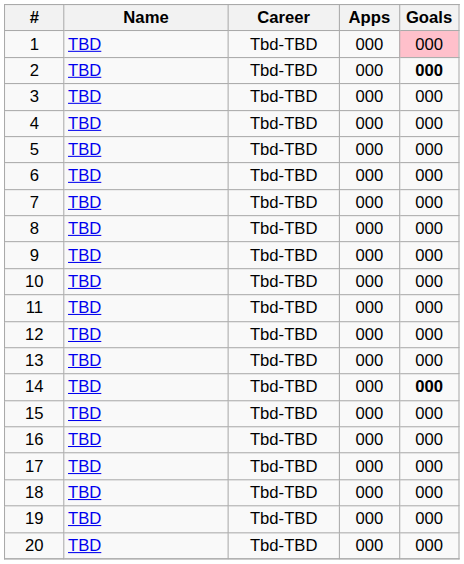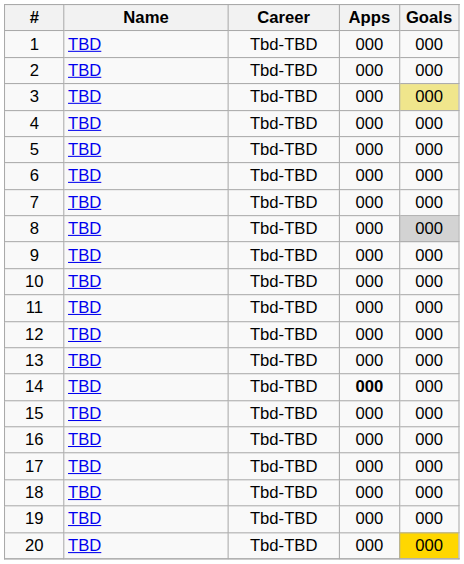 <table class="wikitable" style="text-align: center;">
 <tr>
 </tr>
 <tr>
 <th width=50px>#</th>
 <th width=150px>Name</th>
 <th width=100px>Career</th>
 <th width=50px>Apps</th>
 <th width=50px>Goals</th>
 </tr>
 <tr>
 <td>1</td>
 <td align=left> <a href='#'>TBD</a></td>
 <td>Tbd-TBD</td>
 <td>000</td>
-<td style="background: pink;">000</td>
+<td>000</td>
 </tr>
 <tr>
 <td>2</td>
 <td align=left> <a href='#'>TBD</a></td>
 <td>Tbd-TBD</td>
 <td>000</td>
-<td><strong>000</strong></td>
+<td>000</td>
 </tr>
 <tr>
 <td>3</td>
 <td align=left> <a href='#'>TBD</a></td>
 <td>Tbd-TBD</td>
 <td>000</td>
-<td>000</td>
+<td style="background: khaki;">000</td>
 </tr>
 <tr>
 <td>4</td>
 <td align=left> <a href='#'>TBD</a></td>
 <td>Tbd-TBD</td>
 <td>000</td>
 <td>000</td>
 </tr>
 <tr>
 <td>5</td>
 <td align=left> <a href='#'>TBD</a></td>
 <td>Tbd-TBD</td>
 <td>000</td>
 <td>000</td>
 </tr>
 <tr>
 <td>6</td>
 <td align=left> <a href='#'>TBD</a></td>
 <td>Tbd-TBD</td>
 <td>000</td>
 <td>000</td>
 </tr>
 <tr>
 <td>7</td>
 <td align=left> <a href='#'>TBD</a></td>
 <td>Tbd-TBD</td>
 <td>000</td>
 <td>000</td>
 </tr>
 <tr>
 <td>8</td>
 <td align=left> <a href='#'>TBD</a></td>
 <td>Tbd-TBD</td>
 <td>000</td>
-<td>000</td>
+<td style="background: lightgrey;">000</td>
 </tr>
 <tr>
 <td>9</td>
 <td align=left> <a href='#'>TBD</a></td>
 <td>Tbd-TBD</td>
 <td>000</td>
 <td>000</td>
 </tr>
 <tr>
 <td>10</td>
 <td align=left> <a href='#'>TBD</a></td>
 <td>Tbd-TBD</td>
 <td>000</td>
 <td>000</td>
 </tr>
 <tr>
 <td>11</td>
 <td align=left> <a href='#'>TBD</a></td>
 <td>Tbd-TBD</td>
 <td>000</td>
 <td>000</td>
 </tr>
 <tr>
 <td>12</td>
 <td align=left> <a href='#'>TBD</a></td>
 <td>Tbd-TBD</td>
 <td>000</td>
 <td>000</td>
 </tr>
 <tr>
 <td>13</td>
 <td align=left> <a href='#'>TBD</a></td>
 <td>Tbd-TBD</td>
 <td>000</td>
 <td>000</td>
 </tr>
 <tr>
 <td>14</td>
 <td align=left> <a href='#'>TBD</a></td>
 <td>Tbd-TBD</td>
+<td><strong>000</strong></td>
 <td>000</td>
-<td><strong>000</strong></td>
 </tr>
 <tr>
 <td>15</td>
 <td align=left> <a href='#'>TBD</a></td>
 <td>Tbd-TBD</td>
 <td>000</td>
 <td>000</td>
 </tr>
 <tr>
 <td>16</td>
 <td align=left> <a href='#'>TBD</a></td>
 <td>Tbd-TBD</td>
 <td>000</td>
 <td>000</td>
 </tr>
 <tr>
 <td>17</td>
 <td align=left> <a href='#'>TBD</a></td>
 <td>Tbd-TBD</td>
 <td>000</td>
 <td>000</td>
 </tr>
 <tr>
 <td>18</td>
 <td align=left> <a href='#'>TBD</a></td>
 <td>Tbd-TBD</td>
 <td>000</td>
 <td>000</td>
 </tr>
 <tr>
 <td>19</td>
 <td align=left> <a href='#'>TBD</a></td>
 <td>Tbd-TBD</td>
 <td>000</td>
 <td>000</td>
 </tr>
 <tr>
 <td>20</td>
 <td align=left> <a href='#'>TBD</a></td>
 <td>Tbd-TBD</td>
 <td>000</td>
-<td>000</td>
+<td style="background: gold;">000</td>
 </tr>
 <tr>
 </tr>
 </table>
